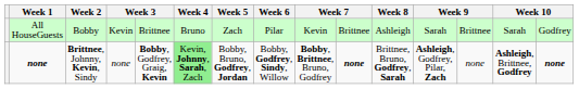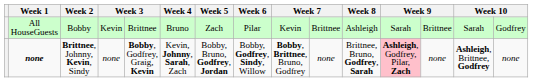 <table class="wikitable" style="text-align:center; font-size:85%; width:100%; line-height:13px;">
 <tr>
 <th style="width:1%"></th>
 <th style="width:7%">Week 1</th>
 <th style="width:7%">Week 2</th>
 <th colspan="2" style="width:14%">Week 3 </th>
 <th style="width:7%">Week 4</th>
 <th style="width:7%">Week 5</th>
 <th style="width:7%">Week 6</th>
 <th colspan="2" style="width:14%">Week 7</th>
 <th style="width:7%">Week 8</th>
 <th colspan="2" style="width:14%">Week 9</th>
 <th colspan="2" style="width:14%">Week 10</th>
 </tr>
 <tr>
 <th></th>
 <td style="background:#cfc">All<br>HouseGuests</td>
 <td style="background:#cfc">Bobby</td>
 <td style="background:#cfc">Kevin</td>
 <td style="background:#cfc">Brittnee</td>
 <td style="background:#cfc">Bruno</td>
 <td style="background:#cfc">Zach</td>
 <td style="background:#cfc">Pilar</td>
 <td style="background:#cfc">Kevin</td>
 <td style="background:#cfc">Brittnee</td>
 <td style="background:#cfc">Ashleigh</td>
 <td style="background:#cfc">Sarah</td>
 <td style="background:#cfc">Brittnee</td>
 <td style="background:#cfc">Sarah</td>
 <td style="background:#cfc">Godfrey</td>
 </tr>
 <tr>
 <th></th>
 <td><strong><em>none</em></strong></td>
 <td><strong>Brittnee</strong>,<br>Johnny,<br><strong>Kevin</strong>,<br>Sindy</td>
 <td><em>none</em></td>
 <td><strong>Bobby</strong>,<br>Godfrey,<br>Graig,<br><strong>Kevin</strong></td>
-<td style="background: lightgreen;">Kevin,<br><strong>Johnny</strong>,<br><strong>Sarah</strong>,<br>Zach</td>
+<td>Kevin,<br><strong>Johnny</strong>,<br><strong>Sarah</strong>,<br>Zach</td>
 <td>Bobby,<br>Bruno,<br><strong>Godfrey</strong>,<br><strong>Jordan</strong></td>
 <td>Bobby,<br><strong>Godfrey</strong>,<br><strong>Sindy</strong>,<br>Willow</td>
 <td><strong>Bobby</strong>,<br><strong>Brittnee</strong>,<br>Bruno,<br>Godfrey</td>
-<td><strong><em>none</em></strong></td>
+<td><em>none</em></td>
 <td>Brittnee,<br>Bruno,<br><strong>Godfrey</strong>,<br><strong>Sarah</strong></td>
-<td><strong>Ashleigh</strong>,<br>Godfrey,<br>Pilar,<br><strong>Zach</strong></td>
+<td style="background: pink;"><strong>Ashleigh</strong>,<br>Godfrey,<br>Pilar,<br><strong>Zach</strong></td>
 <td><em>none</em></td>
 <td><strong>Ashleigh</strong>,<br>Brittnee,<br><strong>Godfrey</strong></td>
-<td><strong><em>none</em></strong></td>
+<td><em>none</em></td>
 </tr>
 </table>
